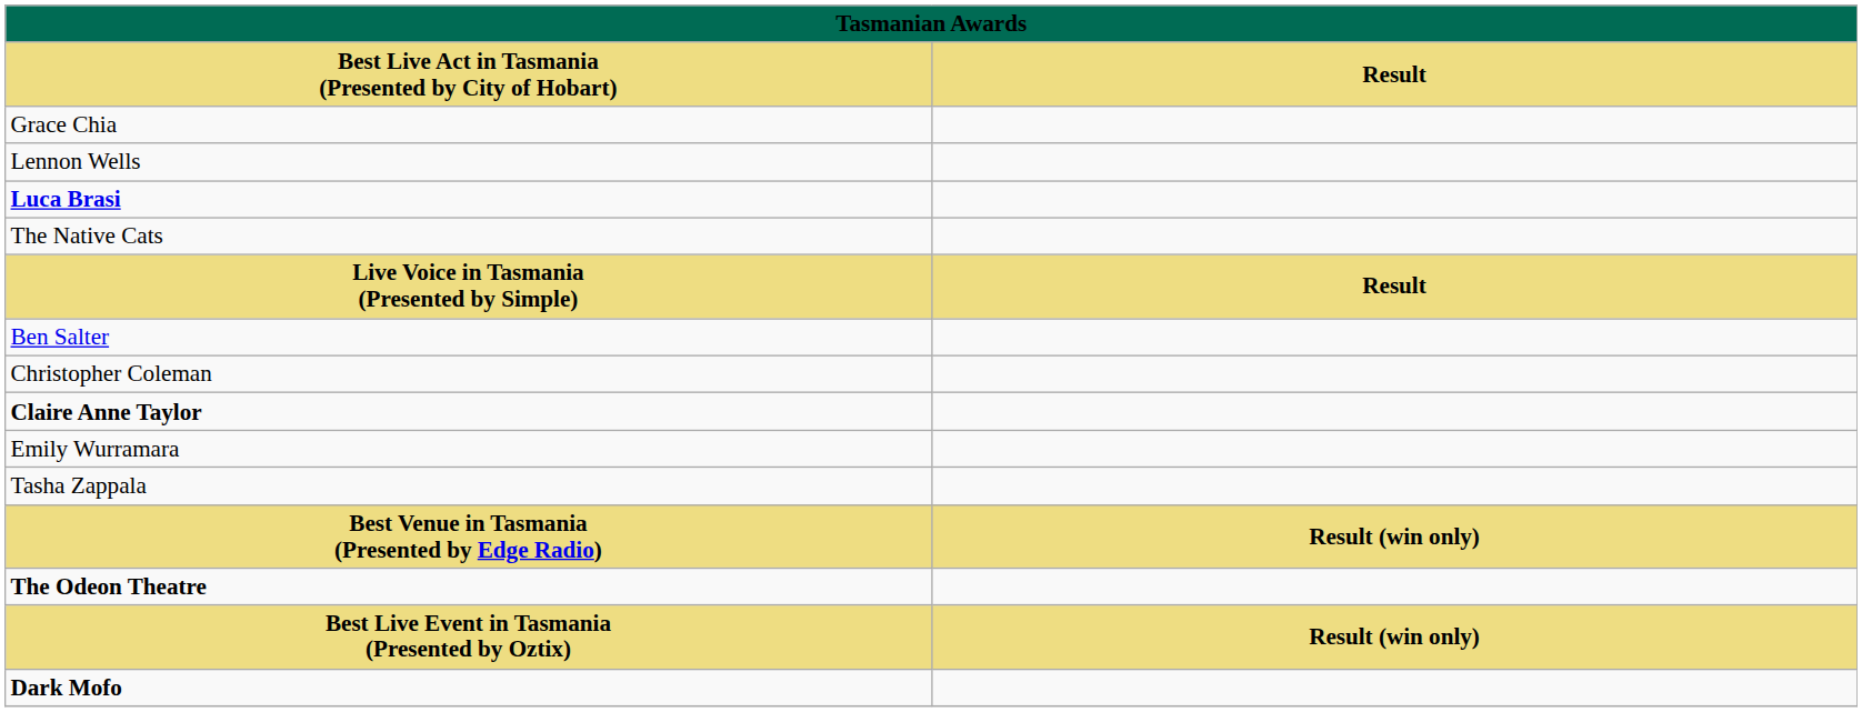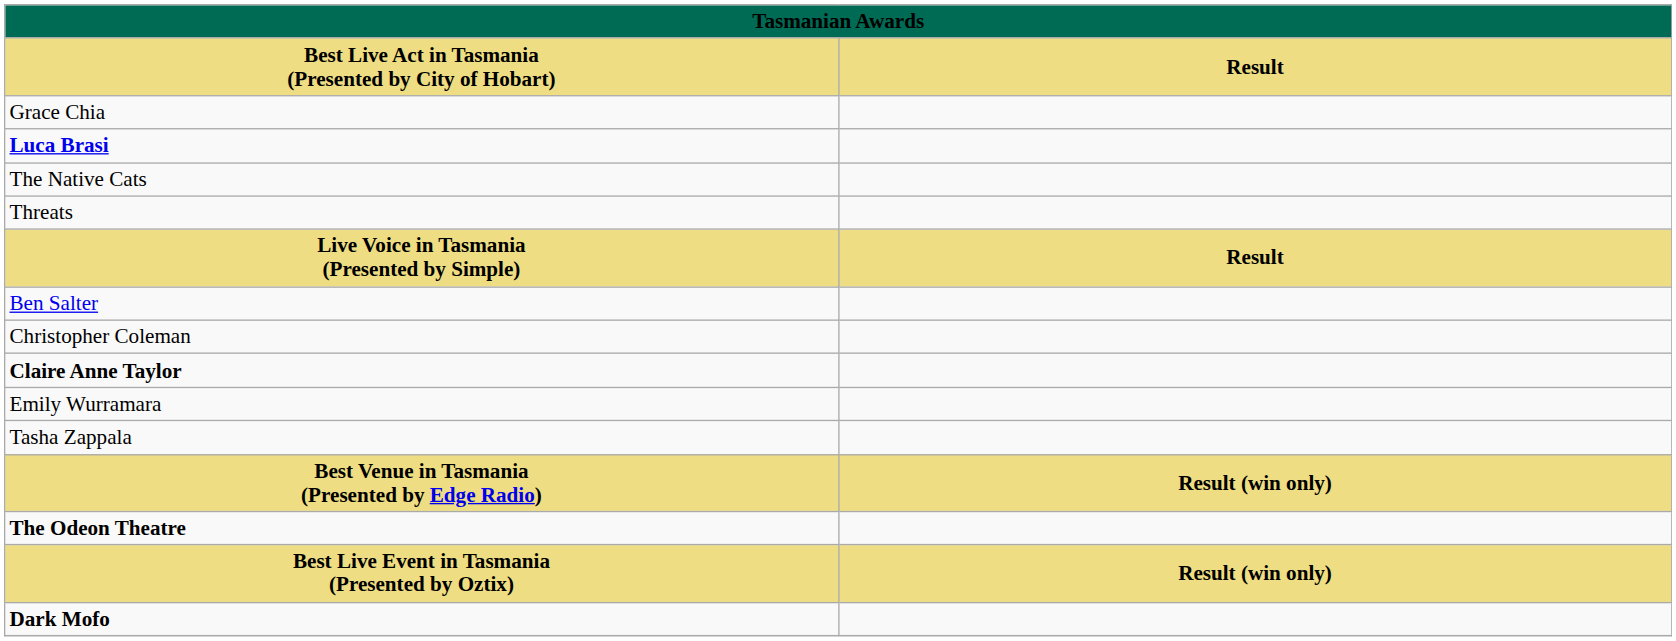 <table class="wikitable" width=100%>
 <tr>
 <th colspan="2" ! style="width:15%;background:#006b54">Tasmanian Awards</th>
 </tr>
 <tr>
 <th style="width:10%;background:#EEDD82;">Best Live Act in Tasmania <br> (Presented by City of Hobart)</th>
 <th style="width:10%;background:#EEDD82;">Result</th>
 </tr>
 <tr>
 <td>Grace Chia</td>
 <td></td>
 </tr>
 <tr>
-<td>Lennon Wells</td>
-<td></td>
-</tr>
-<tr>
 <td><strong><a href='#'>Luca Brasi</a></strong></td>
 <td></td>
 </tr>
 <tr>
 <td>The Native Cats</td>
+<td></td>
+</tr>
+<tr>
+<td>Threats</td>
 <td></td>
 </tr>
 <tr>
 <th style="width:10%;background:#EEDD82;">Live Voice in Tasmania <br> (Presented by Simple)</th>
 <th style="width:10%;background:#EEDD82;">Result</th>
 </tr>
 <tr>
 <td><a href='#'>Ben Salter</a></td>
 <td></td>
 </tr>
 <tr>
 <td>Christopher Coleman</td>
 <td></td>
 </tr>
 <tr>
 <td><strong>Claire Anne Taylor</strong></td>
 <td></td>
 </tr>
 <tr>
 <td>Emily Wurramara</td>
 <td></td>
 </tr>
 <tr>
 <td>Tasha Zappala</td>
 <td></td>
 </tr>
 <tr>
 <th style="width:10%;background:#EEDD82;">Best Venue in Tasmania <br> (Presented by <a href='#'>Edge Radio</a>)</th>
 <th style="width:10%;background:#EEDD82;">Result (win only)</th>
 </tr>
 <tr>
 <td><strong>The Odeon Theatre</strong></td>
 <td></td>
 </tr>
 <tr>
 <th style="width:10%;background:#EEDD82;">Best Live Event in Tasmania <br> (Presented by Oztix)</th>
 <th style="width:10%;background:#EEDD82;">Result (win only)</th>
 </tr>
 <tr>
 <td><strong>Dark Mofo</strong></td>
 <td></td>
 </tr>
 <tr>
 </tr>
 </table>
